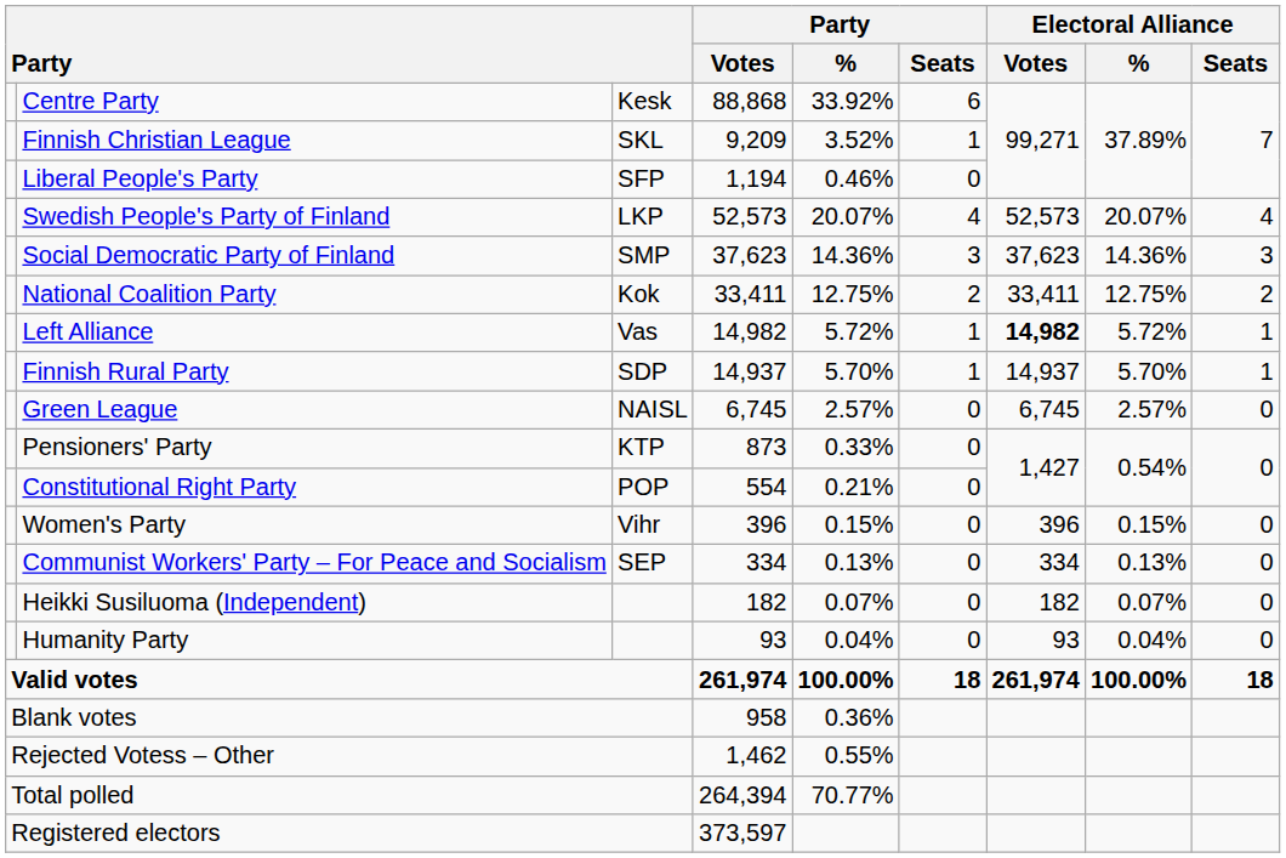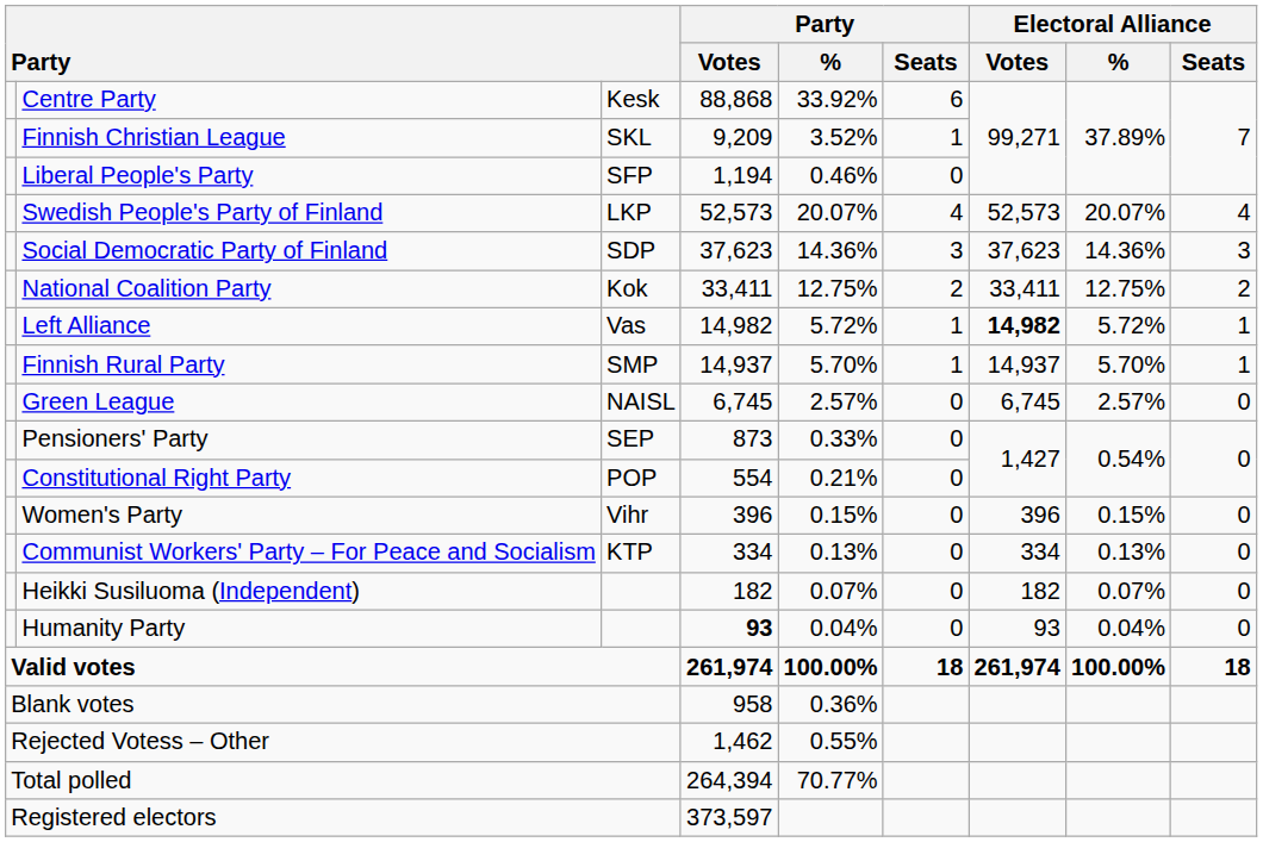 <table class="wikitable" border="1" style="text-align:right;">
 <tr>
 <th style="text-align:left;" valign=bottom rowspan=2 colspan=3>Party</th>
 <th colspan=3>Party</th>
 <th colspan=3>Electoral Alliance</th>
 </tr>
 <tr>
 <th align=center valign=bottom width="50">Votes</th>
 <th align=center valign=bottom width="50">%</th>
 <th align=center valign=bottom width="50">Seats</th>
 <th align=center valign=bottom width="50">Votes</th>
 <th align=center valign=bottom width="50">%</th>
 <th align=center valign=bottom width="50">Seats</th>
 </tr>
 <tr>
 <td></td>
 <td align=left><a href='#'>Centre Party</a></td>
 <td align=left>Kesk</td>
 <td>88,868</td>
 <td>33.92%</td>
 <td>6</td>
 <td rowspan=3>99,271</td>
 <td rowspan=3>37.89%</td>
 <td rowspan=3>7</td>
 </tr>
 <tr>
 <td></td>
 <td align=left><a href='#'>Finnish Christian League</a></td>
 <td align=left>SKL</td>
 <td>9,209</td>
 <td>3.52%</td>
 <td>1</td>
 </tr>
 <tr>
 <td></td>
 <td align=left><a href='#'>Liberal People's Party</a></td>
 <td align=left>SFP</td>
 <td>1,194</td>
 <td>0.46%</td>
 <td>0</td>
 </tr>
 <tr>
 <td></td>
 <td align=left><a href='#'>Swedish People's Party of Finland</a></td>
 <td align=left>LKP</td>
 <td>52,573</td>
 <td>20.07%</td>
 <td>4</td>
 <td>52,573</td>
 <td>20.07%</td>
 <td>4</td>
 </tr>
 <tr>
 <td></td>
 <td align=left style="white-space: nowrap;"><a href='#'>Social Democratic Party of Finland</a></td>
-<td align=left>SMP</td>
+<td align=left>SDP</td>
 <td>37,623</td>
 <td>14.36%</td>
 <td>3</td>
 <td>37,623</td>
 <td>14.36%</td>
 <td>3</td>
 </tr>
 <tr>
 <td></td>
 <td align=left><a href='#'>National Coalition Party</a></td>
 <td align=left>Kok</td>
 <td>33,411</td>
 <td>12.75%</td>
 <td>2</td>
 <td>33,411</td>
 <td>12.75%</td>
 <td>2</td>
 </tr>
 <tr>
 <td></td>
 <td align=left><a href='#'>Left Alliance</a></td>
 <td align=left>Vas</td>
 <td>14,982</td>
 <td>5.72%</td>
 <td>1</td>
 <td><strong>14,982</strong></td>
 <td>5.72%</td>
 <td>1</td>
 </tr>
 <tr>
 <td></td>
 <td align=left><a href='#'>Finnish Rural Party</a></td>
-<td align=left>SDP</td>
+<td align=left>SMP</td>
 <td>14,937</td>
 <td>5.70%</td>
 <td>1</td>
 <td>14,937</td>
 <td>5.70%</td>
 <td>1</td>
 </tr>
 <tr>
 <td></td>
 <td align=left><a href='#'>Green League</a></td>
 <td align=left>NAISL</td>
 <td>6,745</td>
 <td>2.57%</td>
 <td>0</td>
 <td>6,745</td>
 <td>2.57%</td>
 <td>0</td>
 </tr>
 <tr>
 <td></td>
 <td align=left>Pensioners' Party</td>
-<td align=left>KTP</td>
+<td align=left>SEP</td>
 <td>873</td>
 <td>0.33%</td>
 <td>0</td>
 <td rowspan=2>1,427</td>
 <td rowspan=2>0.54%</td>
 <td rowspan=2>0</td>
 </tr>
 <tr>
 <td></td>
 <td align=left><a href='#'>Constitutional Right Party</a></td>
 <td align=left>POP</td>
 <td>554</td>
 <td>0.21%</td>
 <td>0</td>
 </tr>
 <tr>
 <td></td>
 <td align=left>Women's Party</td>
 <td align=left>Vihr</td>
 <td>396</td>
 <td>0.15%</td>
 <td>0</td>
 <td>396</td>
 <td>0.15%</td>
 <td>0</td>
 </tr>
 <tr>
 <td></td>
 <td align=left><a href='#'>Communist Workers' Party – For Peace and Socialism</a></td>
-<td align=left>SEP</td>
+<td align=left>KTP</td>
 <td>334</td>
 <td>0.13%</td>
 <td>0</td>
 <td>334</td>
 <td>0.13%</td>
 <td>0</td>
 </tr>
 <tr>
 <td></td>
 <td align=left>Heikki Susiluoma (<a href='#'>Independent</a>)</td>
 <td align=left></td>
 <td>182</td>
 <td>0.07%</td>
 <td>0</td>
 <td>182</td>
 <td>0.07%</td>
 <td>0</td>
 </tr>
 <tr>
 <td></td>
 <td align=left>Humanity Party</td>
 <td align=left></td>
-<td>93</td>
+<td><strong>93</strong></td>
 <td>0.04%</td>
 <td>0</td>
 <td>93</td>
 <td>0.04%</td>
 <td>0</td>
 </tr>
 <tr style="font-weight:bold">
 <td align=left colspan=3>Valid votes</td>
 <td>261,974</td>
 <td>100.00%</td>
 <td>18</td>
 <td>261,974</td>
 <td>100.00%</td>
 <td>18</td>
 </tr>
 <tr>
 <td align=left colspan=3>Blank votes</td>
 <td>958</td>
 <td>0.36%</td>
 <td></td>
 <td></td>
 <td></td>
 <td></td>
 </tr>
 <tr>
 <td align=left colspan=3>Rejected Votess – Other</td>
 <td>1,462</td>
 <td>0.55%</td>
 <td></td>
 <td></td>
 <td></td>
 <td></td>
 </tr>
 <tr>
 <td align=left colspan=3>Total polled</td>
 <td>264,394</td>
 <td>70.77%</td>
 <td></td>
 <td></td>
 <td></td>
 <td></td>
 </tr>
 <tr>
 <td align=left colspan=3>Registered electors</td>
 <td>373,597</td>
 <td></td>
 <td></td>
 <td></td>
 <td></td>
 <td></td>
 </tr>
 </table>
